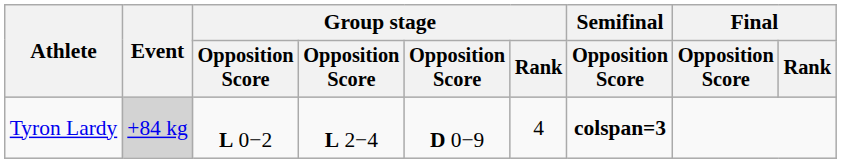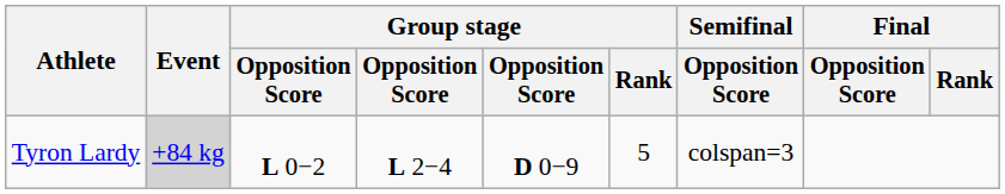 <table class="wikitable" style="text-align:center; font-size:90%">
 <tr>
 <th rowspan=2>Athlete</th>
 <th rowspan=2>Event</th>
 <th colspan=4>Group stage</th>
 <th>Semifinal</th>
 <th colspan=2>Final</th>
 </tr>
 <tr style="font-size:95%">
 <th>Opposition<br>Score</th>
 <th>Opposition<br>Score</th>
 <th>Opposition<br>Score</th>
 <th>Rank</th>
 <th>Opposition<br>Score</th>
 <th>Opposition<br>Score</th>
 <th>Rank</th>
 </tr>
 <tr>
 <td align=left><a href='#'>Tyron Lardy</a></td>
 <td align=left style="background: lightgrey;"><a href='#'>+84 kg</a></td>
 <td><br><strong>L</strong> 0−2</td>
 <td><br><strong>L</strong> 2−4</td>
 <td><br><strong>D</strong> 0−9</td>
-<td>4</td>
-<td><strong>colspan=3 </strong></td>
+<td>5</td>
+<td>colspan=3 </td>
 </tr>
 </table>
